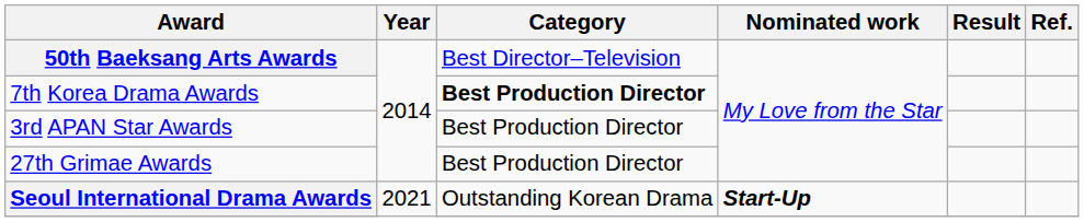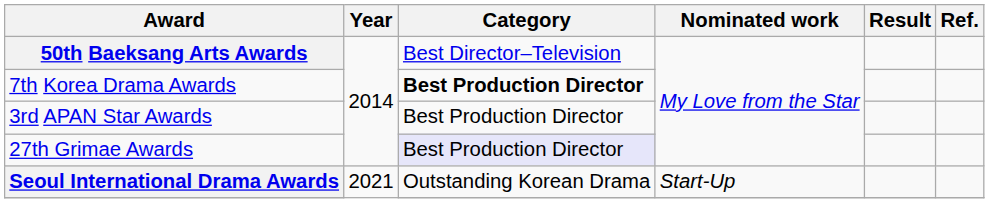 <table class="wikitable plainrowheaders">
 <tr>
 <th>Award</th>
 <th>Year</th>
 <th>Category</th>
 <th>Nominated work</th>
 <th>Result</th>
 <th>Ref.</th>
 </tr>
 <tr>
 <th scope="row"><a href='#'>50th</a> <a href='#'>Baeksang Arts Awards</a></th>
 <td rowspan="4">2014</td>
 <td><a href='#'>Best Director–Television</a></td>
 <td rowspan="4"><em><a href='#'>My Love from the Star</a></em></td>
 <td></td>
 <td></td>
 </tr>
 <tr>
 <td><a href='#'>7th</a> <a href='#'>Korea Drama Awards</a></td>
 <td><strong>Best Production Director</strong></td>
 <td></td>
 <td></td>
 </tr>
 <tr>
 <td><a href='#'>3rd</a> <a href='#'>APAN Star Awards</a></td>
 <td>Best Production Director</td>
 <td></td>
 <td></td>
 </tr>
 <tr>
 <td><a href='#'>27th Grimae Awards</a></td>
-<td>Best Production Director</td>
+<td style="background: lavender;">Best Production Director</td>
 <td></td>
 <td></td>
 </tr>
 <tr>
 <th scope="row"><a href='#'>Seoul International Drama Awards</a></th>
 <td rowspan="4" style="text-align:center">2021</td>
 <td>Outstanding Korean Drama</td>
-<td><strong><em>Start-Up</em> </strong></td>
+<td><em>Start-Up</em> </td>
 <td></td>
 <td style="text-align:center"></td>
 </tr>
 <tr>
 </tr>
 </table>
